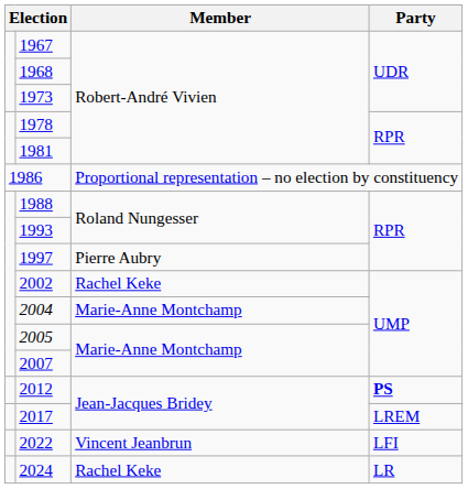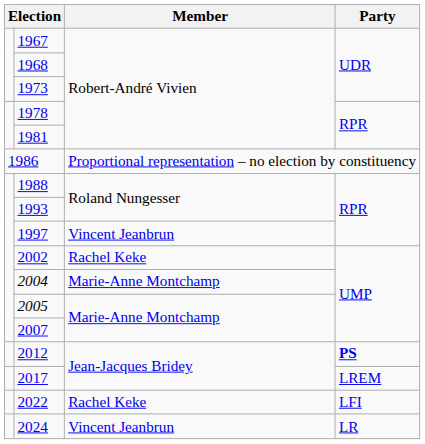 <table class="wikitable">
 <tr>
 <th colspan="2">Election</th>
 <th>Member</th>
 <th>Party</th>
 </tr>
 <tr>
 <td rowspan="3" style="color:inherit;background-color: "></td>
 <td><a href='#'>1967</a></td>
 <td rowspan="5">Robert-André Vivien</td>
 <td rowspan="3"><a href='#'>UDR</a></td>
 </tr>
 <tr>
 <td><a href='#'>1968</a></td>
 </tr>
 <tr>
 <td><a href='#'>1973</a></td>
 </tr>
 <tr>
 <td rowspan="2" style="color:inherit;background-color: "></td>
 <td><a href='#'>1978</a></td>
 <td rowspan="2"><a href='#'>RPR</a></td>
 </tr>
 <tr>
 <td><a href='#'>1981</a></td>
 </tr>
 <tr>
 <td colspan="2"><a href='#'>1986</a></td>
 <td colspan="2"><a href='#'>Proportional representation</a> – no election by constituency</td>
 </tr>
 <tr>
 <td rowspan="7" style="color:inherit;background-color: "></td>
 <td><a href='#'>1988</a></td>
 <td rowspan="2">Roland Nungesser</td>
 <td rowspan="3"><a href='#'>RPR</a></td>
 </tr>
 <tr>
 <td><a href='#'>1993</a></td>
 </tr>
 <tr>
 <td><a href='#'>1997</a></td>
-<td>Pierre Aubry</td>
+<td><a href='#'>Vincent Jeanbrun</a></td>
 </tr>
 <tr>
 <td><a href='#'>2002</a></td>
 <td><a href='#'>Rachel Keke</a></td>
 <td rowspan="4"><a href='#'>UMP</a></td>
 </tr>
 <tr>
 <td><em>2004</em></td>
 <td><a href='#'>Marie-Anne Montchamp</a></td>
 </tr>
 <tr>
 <td><em>2005</em></td>
 <td rowspan="2"><a href='#'>Marie-Anne Montchamp</a></td>
 </tr>
 <tr>
 <td><a href='#'>2007</a></td>
 </tr>
 <tr>
 <td style="color:inherit;background-color: "></td>
 <td><a href='#'>2012</a></td>
 <td rowspan="2"><a href='#'>Jean-Jacques Bridey</a></td>
 <td><strong><a href='#'>PS</a></strong></td>
 </tr>
 <tr>
 <td style="color:inherit;background-color: "></td>
 <td><a href='#'>2017</a></td>
 <td><a href='#'>LREM</a></td>
 </tr>
 <tr>
 <td style="color:inherit;background-color: "></td>
 <td><a href='#'>2022</a></td>
-<td><a href='#'>Vincent Jeanbrun</a></td>
+<td><a href='#'>Rachel Keke</a></td>
 <td><a href='#'>LFI</a></td>
 </tr>
 <tr>
 <td style="color:inherit;background:"></td>
 <td><a href='#'>2024</a></td>
-<td><a href='#'>Rachel Keke</a></td>
+<td><a href='#'>Vincent Jeanbrun</a></td>
 <td><a href='#'>LR</a></td>
 </tr>
 </table>
